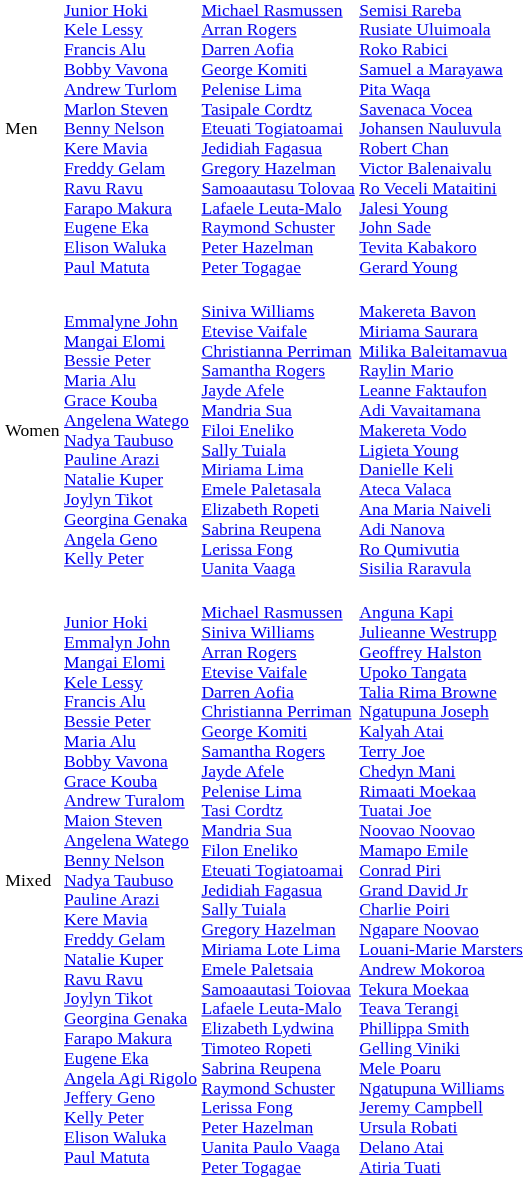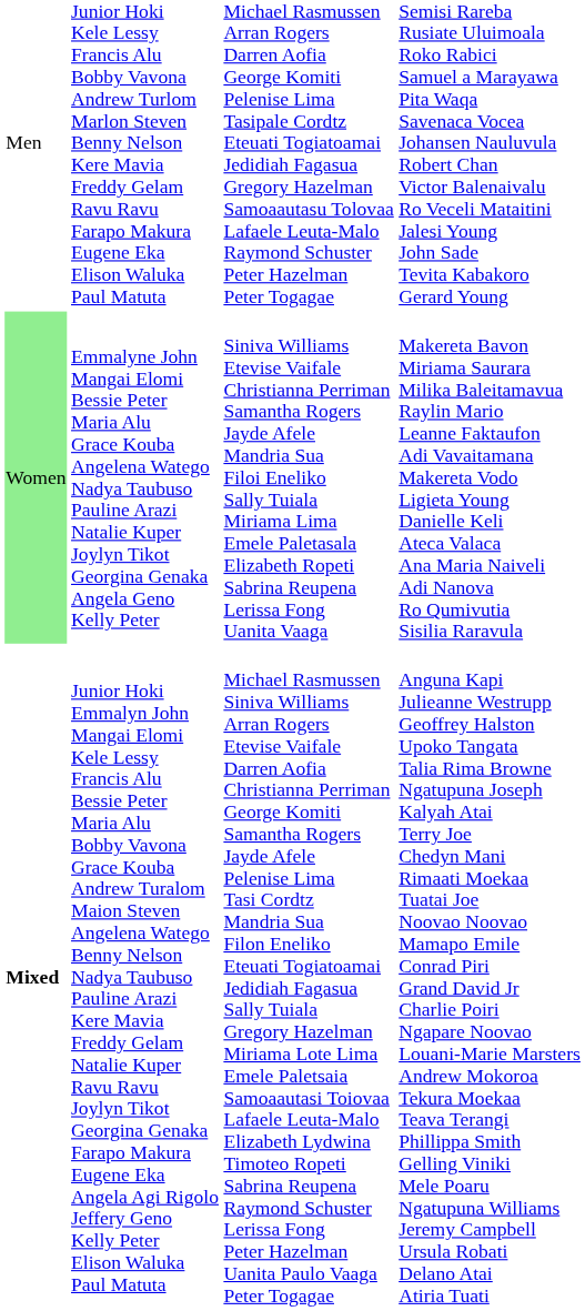 <table>
 <tr>
 <td>Men<br></td>
 <td><strong></strong><br><a href='#'>Junior Hoki</a><br><a href='#'>Kele Lessy</a><br><a href='#'>Francis Alu</a><br><a href='#'>Bobby Vavona</a><br><a href='#'>Andrew Turlom</a><br><a href='#'>Marlon Steven</a><br><a href='#'>Benny Nelson</a><br><a href='#'>Kere Mavia</a><br><a href='#'>Freddy Gelam</a><br><a href='#'>Ravu Ravu</a><br><a href='#'>Farapo Makura</a><br><a href='#'>Eugene Eka</a><br><a href='#'>Elison Waluka</a><br><a href='#'>Paul Matuta</a></td>
 <td><strong></strong><br><a href='#'>Michael Rasmussen</a><br><a href='#'>Arran Rogers</a><br><a href='#'>Darren Aofia</a><br><a href='#'>George Komiti</a><br><a href='#'>Pelenise Lima</a><br><a href='#'>Tasipale Cordtz</a><br><a href='#'>Eteuati Togiatoamai</a><br><a href='#'>Jedidiah Fagasua</a><br><a href='#'>Gregory Hazelman</a><br><a href='#'>Samoaautasu Tolovaa</a><br><a href='#'>Lafaele Leuta-Malo</a><br><a href='#'>Raymond Schuster</a><br><a href='#'>Peter Hazelman</a><br><a href='#'>Peter Togagae</a></td>
 <td><strong></strong><br><a href='#'>Semisi Rareba</a><br><a href='#'>Rusiate Uluimoala</a><br><a href='#'>Roko Rabici</a><br><a href='#'>Samuel a Marayawa</a><br><a href='#'>Pita Waqa</a><br><a href='#'>Savenaca Vocea</a><br><a href='#'>Johansen Nauluvula</a><br><a href='#'>Robert Chan</a><br><a href='#'>Victor Balenaivalu</a><br><a href='#'>Ro Veceli Mataitini</a><br><a href='#'>Jalesi Young</a><br><a href='#'>John Sade</a><br><a href='#'>Tevita Kabakoro</a><br><a href='#'>Gerard Young</a></td>
 </tr>
 <tr>
-<td>Women<br></td>
+<td style="background: lightgreen;">Women<br></td>
 <td><strong></strong><br><a href='#'>Emmalyne John</a><br><a href='#'>Mangai Elomi</a><br><a href='#'>Bessie Peter</a><br><a href='#'>Maria Alu</a><br><a href='#'>Grace Kouba</a><br><a href='#'>Angelena Watego</a><br><a href='#'>Nadya Taubuso</a><br><a href='#'>Pauline Arazi</a><br><a href='#'>Natalie Kuper</a><br><a href='#'>Joylyn Tikot</a><br><a href='#'>Georgina Genaka</a><br><a href='#'>Angela Geno</a><br><a href='#'>Kelly Peter</a><br></td>
 <td><strong></strong><br><a href='#'>Siniva Williams</a><br><a href='#'>Etevise Vaifale</a><br><a href='#'>Christianna Perriman</a><br><a href='#'>Samantha Rogers</a><br><a href='#'>Jayde Afele</a><br><a href='#'>Mandria Sua</a><br><a href='#'>Filoi Eneliko</a><br><a href='#'>Sally Tuiala</a><br><a href='#'>Miriama Lima</a><br><a href='#'>Emele Paletasala</a><br><a href='#'>Elizabeth Ropeti</a><br><a href='#'>Sabrina Reupena</a><br><a href='#'>Lerissa Fong</a><br><a href='#'>Uanita Vaaga</a></td>
 <td><strong></strong><br><a href='#'>Makereta Bavon</a><br><a href='#'>Miriama Saurara</a><br><a href='#'>Milika Baleitamavua</a><br><a href='#'>Raylin Mario</a><br><a href='#'>Leanne Faktaufon</a><br><a href='#'>Adi Vavaitamana</a><br><a href='#'>Makereta Vodo</a><br><a href='#'>Ligieta Young</a><br><a href='#'>Danielle Keli</a><br><a href='#'>Ateca Valaca</a><br><a href='#'>Ana Maria Naiveli</a><br><a href='#'>Adi Nanova</a><br><a href='#'>Ro Qumivutia</a><br><a href='#'>Sisilia Raravula</a></td>
 </tr>
 <tr>
-<td>Mixed<br></td>
+<td><strong>Mixed<br></strong></td>
 <td><br><a href='#'>Junior Hoki</a><br><a href='#'>Emmalyn John</a><br><a href='#'>Mangai Elomi</a><br><a href='#'>Kele Lessy</a><br><a href='#'>Francis Alu</a><br><a href='#'>Bessie Peter</a><br><a href='#'>Maria Alu</a><br><a href='#'>Bobby Vavona</a><br><a href='#'>Grace Kouba</a><br><a href='#'>Andrew Turalom</a><br><a href='#'>Maion Steven</a><br><a href='#'>Angelena Watego</a><br><a href='#'>Benny Nelson</a><br><a href='#'>Nadya Taubuso</a><br><a href='#'>Pauline Arazi</a><br><a href='#'>Kere Mavia</a><br><a href='#'>Freddy Gelam</a><br><a href='#'>Natalie Kuper</a><br><a href='#'>Ravu Ravu</a><br><a href='#'>Joylyn Tikot</a><br><a href='#'>Georgina Genaka</a><br><a href='#'>Farapo Makura</a><br><a href='#'>Eugene Eka</a><br><a href='#'>Angela Agi Rigolo</a><br><a href='#'>Jeffery Geno</a><br><a href='#'>Kelly Peter</a><br><a href='#'>Elison Waluka</a><br><a href='#'>Paul Matuta</a></td>
 <td><br><a href='#'>Michael Rasmussen</a><br><a href='#'>Siniva Williams</a><br><a href='#'>Arran Rogers</a><br><a href='#'>Etevise Vaifale</a><br><a href='#'>Darren Aofia</a><br><a href='#'>Christianna Perriman</a><br><a href='#'>George Komiti</a><br><a href='#'>Samantha Rogers</a><br><a href='#'>Jayde Afele</a><br><a href='#'>Pelenise Lima</a><br><a href='#'>Tasi Cordtz</a><br><a href='#'>Mandria Sua</a><br><a href='#'>Filon Eneliko</a><br><a href='#'>Eteuati Togiatoamai</a><br><a href='#'>Jedidiah Fagasua</a><br><a href='#'>Sally Tuiala</a><br><a href='#'>Gregory Hazelman</a><br><a href='#'>Miriama Lote Lima</a><br><a href='#'>Emele Paletsaia</a><br><a href='#'>Samoaautasi Toiovaa</a><br><a href='#'>Lafaele Leuta-Malo</a><br><a href='#'>Elizabeth Lydwina</a><br><a href='#'>Timoteo Ropeti</a><br><a href='#'>Sabrina Reupena</a><br><a href='#'>Raymond Schuster</a><br><a href='#'>Lerissa Fong</a><br><a href='#'>Peter Hazelman</a><br><a href='#'>Uanita Paulo Vaaga</a><br><a href='#'>Peter Togagae</a></td>
 <td> <br><a href='#'>Anguna Kapi</a><br><a href='#'>Julieanne Westrupp</a><br><a href='#'>Geoffrey Halston</a><br><a href='#'>Upoko Tangata</a><br><a href='#'>Talia Rima Browne</a><br><a href='#'>Ngatupuna Joseph</a><br><a href='#'>Kalyah Atai</a><br><a href='#'>Terry Joe</a><br><a href='#'>Chedyn Mani</a><br><a href='#'>Rimaati Moekaa</a><br><a href='#'>Tuatai Joe</a><br><a href='#'>Noovao Noovao</a><br><a href='#'>Mamapo Emile</a><br><a href='#'>Conrad Piri</a><br><a href='#'>Grand David Jr</a><br><a href='#'>Charlie Poiri</a><br><a href='#'>Ngapare Noovao</a><br><a href='#'>Louani-Marie Marsters</a><br><a href='#'>Andrew Mokoroa</a><br><a href='#'>Tekura Moekaa</a><br><a href='#'>Teava Terangi</a><br><a href='#'>Phillippa Smith</a><br><a href='#'>Gelling Viniki</a><br><a href='#'>Mele Poaru</a><br><a href='#'>Ngatupuna Williams</a><br><a href='#'>Jeremy Campbell</a><br><a href='#'>Ursula Robati</a><br><a href='#'>Delano Atai</a><br><a href='#'>Atiria Tuati</a></td>
 </tr>
 </table>
